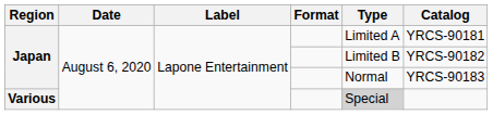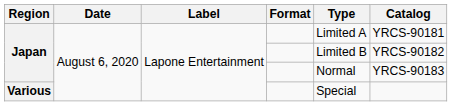 <table class="wikitable plainrowheaders">
 <tr>
 <th>Region</th>
 <th>Date</th>
 <th>Label</th>
 <th>Format</th>
 <th>Type</th>
 <th>Catalog</th>
 </tr>
 <tr>
 <th rowspan="3" scope="row">Japan</th>
 <td rowspan="4">August 6, 2020</td>
 <td rowspan="4">Lapone Entertainment</td>
 <td></td>
 <td>Limited A</td>
 <td>YRCS-90181</td>
 </tr>
 <tr>
 <td></td>
 <td>Limited B</td>
 <td>YRCS-90182</td>
 </tr>
 <tr>
 <td></td>
 <td>Normal</td>
 <td>YRCS-90183</td>
 </tr>
 <tr>
 <th scope="row">Various</th>
 <td></td>
-<td style="background: lightgrey;">Special</td>
+<td>Special</td>
 <td></td>
 </tr>
 </table>
